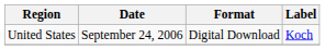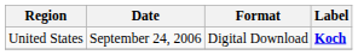 <table class=wikitable>
 <tr>
 <th>Region</th>
 <th>Date</th>
 <th>Format</th>
 <th>Label</th>
 </tr>
 <tr>
 <td>United States</td>
 <td>September 24, 2006</td>
 <td>Digital Download</td>
-<td><a href='#'>Koch</a></td>
+<td><strong><a href='#'>Koch</a></strong></td>
 </tr>
 <tr>
 </tr>
 </table>
